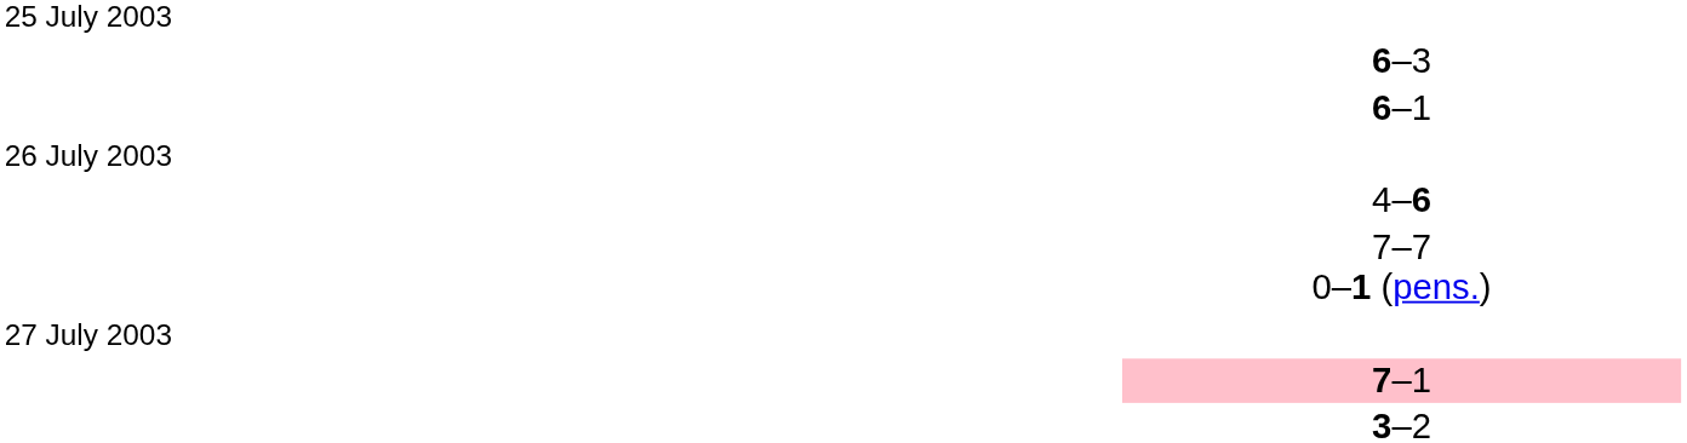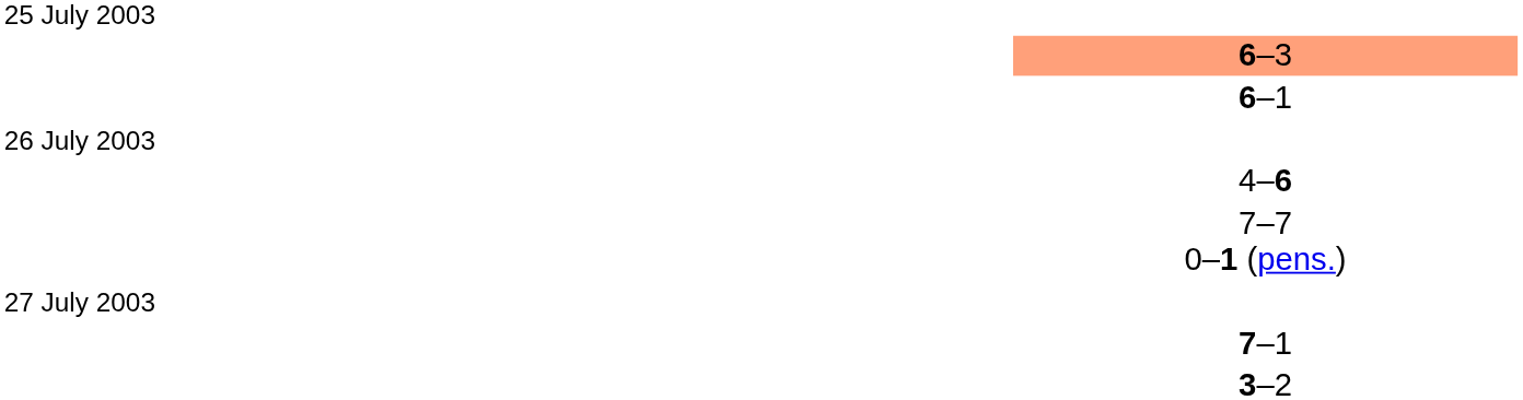 <table width=100% cellspacing=1>
 <tr>
 <th width=40%></th>
 <th width=20%></th>
 <th></th>
 </tr>
 <tr>
 <td><small>25 July 2003</small></td>
 </tr>
 <tr>
 <td align=right><strong></strong></td>
-<td align=center><strong>6</strong>–3</td>
+<td align=center style="background: lightsalmon;"><strong>6</strong>–3</td>
 <td></td>
 </tr>
 <tr>
 <td align=right><strong></strong></td>
 <td align=center><strong>6</strong>–1</td>
 <td></td>
 </tr>
 <tr>
 <td><small>26 July 2003</small></td>
 </tr>
 <tr>
 <td align=right></td>
 <td align=center>4–<strong>6</strong></td>
 <td><strong></strong></td>
 </tr>
 <tr>
 <td align=right></td>
 <td align=center>7–7 <br>0–<strong>1</strong> (<a href='#'>pens.</a>)</td>
 <td><strong></strong></td>
 </tr>
 <tr>
 <td><small>27 July 2003</small></td>
 </tr>
 <tr>
 <td align=right><strong></strong></td>
-<td align=center style="background: pink;"><strong>7</strong>–1</td>
+<td align=center><strong>7</strong>–1</td>
 <td></td>
 </tr>
 <tr>
 <td align=right><strong></strong></td>
 <td align=center><strong>3</strong>–2</td>
 <td></td>
 </tr>
 </table>
